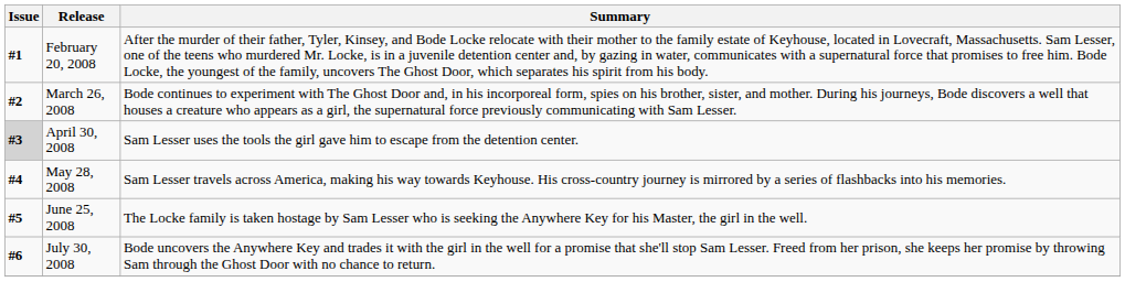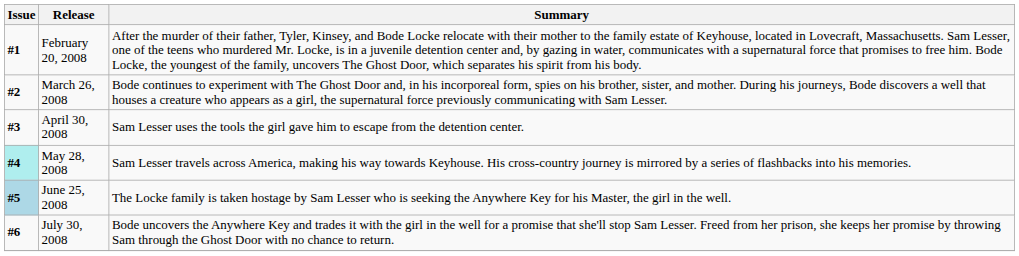 <table class="wikitable">
 <tr>
 <th><strong>Issue</strong></th>
 <th><strong>Release</strong></th>
 <th><strong>Summary</strong></th>
 </tr>
 <tr>
 <td><strong>#1</strong></td>
 <td>February 20, 2008</td>
 <td>After the murder of their father, Tyler, Kinsey, and Bode Locke relocate with their mother to the family estate of Keyhouse, located in Lovecraft, Massachusetts. Sam Lesser, one of the teens who murdered Mr. Locke, is in a juvenile detention center and, by gazing in water, communicates with a supernatural force that promises to free him. Bode Locke, the youngest of the family, uncovers The Ghost Door, which separates his spirit from his body.</td>
 </tr>
 <tr>
 <td><strong>#2</strong></td>
 <td>March 26, 2008</td>
 <td>Bode continues to experiment with The Ghost Door and, in his incorporeal form, spies on his brother, sister, and mother. During his journeys, Bode discovers a well that houses a creature who appears as a girl, the supernatural force previously communicating with Sam Lesser.</td>
 </tr>
 <tr>
-<td style="background: lightgrey;"><strong>#3</strong></td>
+<td><strong>#3</strong></td>
 <td>April 30, 2008</td>
 <td>Sam Lesser uses the tools the girl gave him to escape from the detention center.</td>
 </tr>
 <tr>
-<td><strong>#4</strong></td>
+<td style="background: paleturquoise;"><strong>#4</strong></td>
 <td>May 28, 2008</td>
 <td>Sam Lesser travels across America, making his way towards Keyhouse. His cross-country journey is mirrored by a series of flashbacks into his memories.</td>
 </tr>
 <tr>
-<td><strong>#5</strong></td>
+<td style="background: lightblue;"><strong>#5</strong></td>
 <td>June 25, 2008</td>
 <td>The Locke family is taken hostage by Sam Lesser who is seeking the Anywhere Key for his Master, the girl in the well.</td>
 </tr>
 <tr>
 <td><strong>#6</strong></td>
 <td>July 30, 2008</td>
 <td>Bode uncovers the Anywhere Key and trades it with the girl in the well for a promise that she'll stop Sam Lesser. Freed from her prison, she keeps her promise by throwing Sam through the Ghost Door with no chance to return.</td>
 </tr>
 <tr>
 </tr>
 </table>
